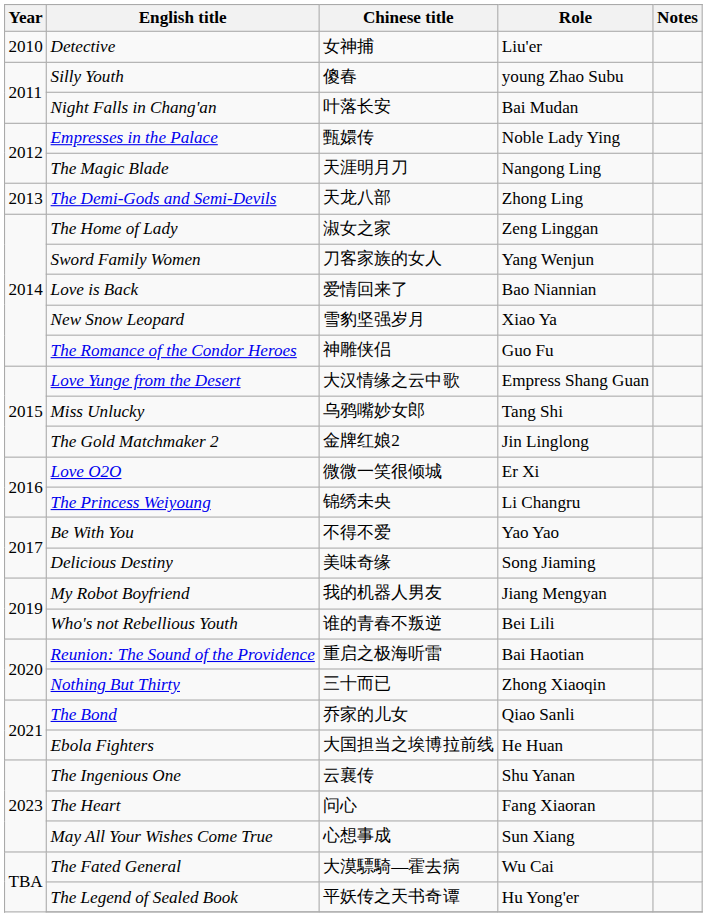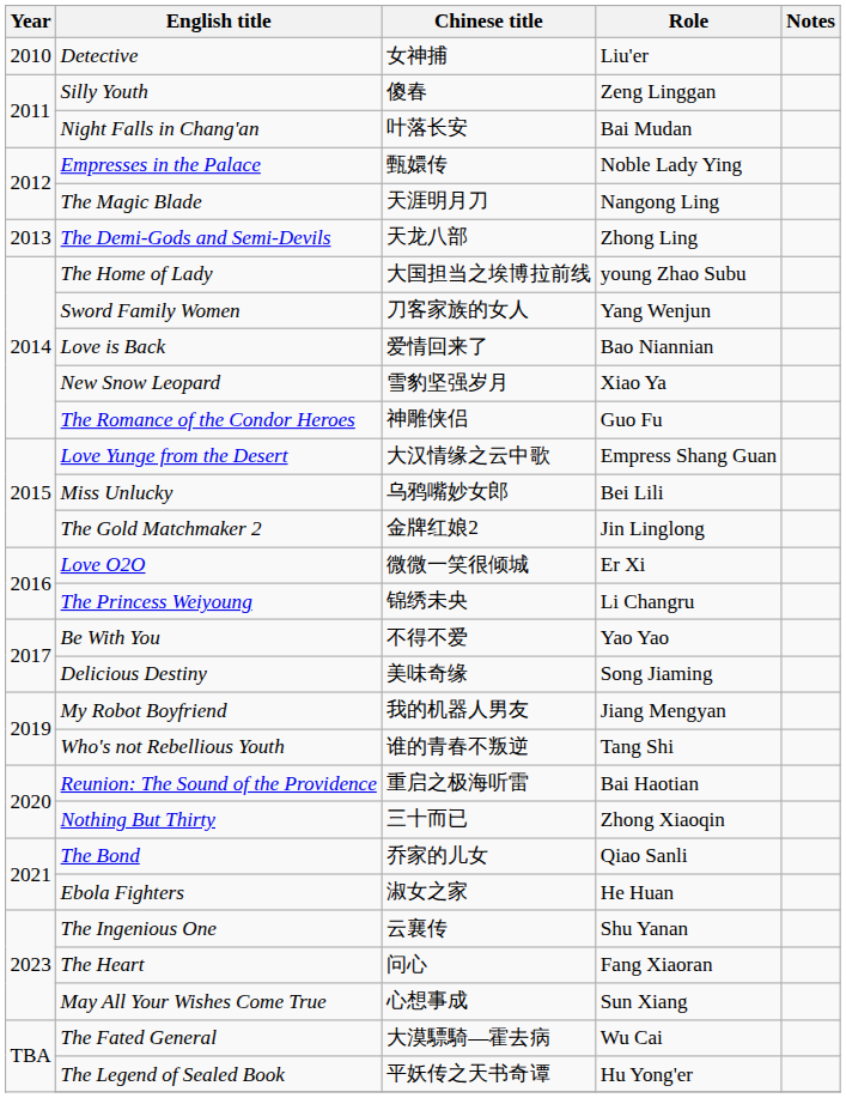 <table class="wikitable">
 <tr>
 <th>Year</th>
 <th>English title</th>
 <th>Chinese title</th>
 <th>Role</th>
 <th>Notes</th>
 </tr>
 <tr>
 <td>2010</td>
 <td><em>Detective</em></td>
 <td>女神捕</td>
 <td>Liu'er</td>
 <td></td>
 </tr>
 <tr>
 <td rowspan=2>2011</td>
 <td><em>Silly Youth</em></td>
 <td>傻春</td>
-<td>young Zhao Subu</td>
+<td>Zeng Linggan</td>
 <td></td>
 </tr>
 <tr>
 <td><em>Night Falls in Chang'an</em></td>
 <td>叶落长安</td>
 <td>Bai Mudan</td>
 <td></td>
 </tr>
 <tr>
 <td rowspan=2>2012</td>
 <td><em><a href='#'>Empresses in the Palace</a></em></td>
 <td>甄嬛传</td>
 <td>Noble Lady Ying</td>
 <td></td>
 </tr>
 <tr>
 <td><em>The Magic Blade</em></td>
 <td>天涯明月刀</td>
 <td>Nangong Ling</td>
 <td></td>
 </tr>
 <tr>
 <td>2013</td>
 <td><em><a href='#'>The Demi-Gods and Semi-Devils</a></em></td>
 <td>天龙八部</td>
 <td>Zhong Ling</td>
 <td></td>
 </tr>
 <tr>
 <td rowspan=5>2014</td>
 <td><em>The Home of Lady</em></td>
-<td>淑女之家</td>
-<td>Zeng Linggan</td>
+<td>大国担当之埃博拉前线</td>
+<td>young Zhao Subu</td>
 <td></td>
 </tr>
 <tr>
 <td><em>Sword Family Women</em></td>
 <td>刀客家族的女人</td>
 <td>Yang Wenjun</td>
 <td></td>
 </tr>
 <tr>
 <td><em>Love is Back</em></td>
 <td>爱情回来了</td>
 <td>Bao Niannian</td>
 <td></td>
 </tr>
 <tr>
 <td><em>New Snow Leopard</em></td>
 <td>雪豹坚强岁月</td>
 <td>Xiao Ya</td>
 <td></td>
 </tr>
 <tr>
 <td><em><a href='#'>The Romance of the Condor Heroes</a></em></td>
 <td>神雕侠侣</td>
 <td>Guo Fu</td>
 <td></td>
 </tr>
 <tr>
 <td rowspan=3>2015</td>
 <td><em><a href='#'>Love Yunge from the Desert</a></em></td>
 <td>大汉情缘之云中歌</td>
 <td>Empress Shang Guan</td>
 <td></td>
 </tr>
 <tr>
 <td><em>Miss Unlucky</em></td>
 <td>乌鸦嘴妙女郎</td>
-<td>Tang Shi</td>
+<td>Bei Lili</td>
 <td></td>
 </tr>
 <tr>
 <td><em>The Gold Matchmaker 2</em></td>
 <td>金牌红娘2</td>
 <td>Jin Linglong</td>
 <td></td>
 </tr>
 <tr>
 <td rowspan=2>2016</td>
 <td><em><a href='#'>Love O2O</a></em></td>
 <td>微微一笑很倾城</td>
 <td>Er Xi</td>
 <td></td>
 </tr>
 <tr>
 <td><em><a href='#'>The Princess Weiyoung</a></em></td>
 <td>锦绣未央</td>
 <td>Li Changru</td>
 <td></td>
 </tr>
 <tr>
 <td rowspan=2>2017</td>
 <td><em>Be With You</em></td>
 <td>不得不爱</td>
 <td>Yao Yao</td>
 <td></td>
 </tr>
 <tr>
 <td><em>Delicious Destiny</em></td>
 <td>美味奇缘</td>
 <td>Song Jiaming</td>
 <td></td>
 </tr>
 <tr>
 <td rowspan=2>2019</td>
 <td><em>My Robot Boyfriend </em></td>
 <td>我的机器人男友</td>
 <td>Jiang Mengyan</td>
 <td></td>
 </tr>
 <tr>
 <td><em>Who's not Rebellious Youth</em></td>
 <td>谁的青春不叛逆</td>
-<td>Bei Lili</td>
+<td>Tang Shi</td>
 <td></td>
 </tr>
 <tr>
 <td rowspan=2>2020</td>
 <td><em><a href='#'>Reunion: The Sound of the Providence</a></em></td>
 <td>重启之极海听雷</td>
 <td>Bai Haotian</td>
 <td></td>
 </tr>
 <tr>
 <td><em><a href='#'>Nothing But Thirty</a></em></td>
 <td>三十而已</td>
 <td>Zhong Xiaoqin</td>
 <td></td>
 </tr>
 <tr>
 <td rowspan=2>2021</td>
 <td><em><a href='#'>The Bond</a></em></td>
 <td>乔家的儿女</td>
 <td>Qiao Sanli</td>
 <td></td>
 </tr>
 <tr>
 <td><em>Ebola Fighters</em></td>
-<td>大国担当之埃博拉前线</td>
+<td>淑女之家</td>
 <td>He Huan</td>
 <td></td>
 </tr>
 <tr>
 <td rowspan="3">2023</td>
 <td><em>The Ingenious One</em></td>
 <td>云襄传</td>
 <td>Shu Yanan</td>
 <td></td>
 </tr>
 <tr>
 <td><em>The Heart</em></td>
 <td>问心</td>
 <td>Fang Xiaoran</td>
 <td></td>
 </tr>
 <tr>
 <td><em>May All Your Wishes Come True</em></td>
 <td>心想事成</td>
 <td>Sun Xiang</td>
 <td></td>
 </tr>
 <tr>
 <td rowspan=3>TBA</td>
 <td><em>The Fated General</em></td>
 <td>大漠驃騎—霍去病</td>
 <td>Wu Cai</td>
 <td></td>
 </tr>
 <tr>
 <td><em>The Legend of Sealed Book</em></td>
 <td>平妖传之天书奇谭</td>
 <td>Hu Yong'er</td>
 <td></td>
 </tr>
 <tr>
 </tr>
 </table>
